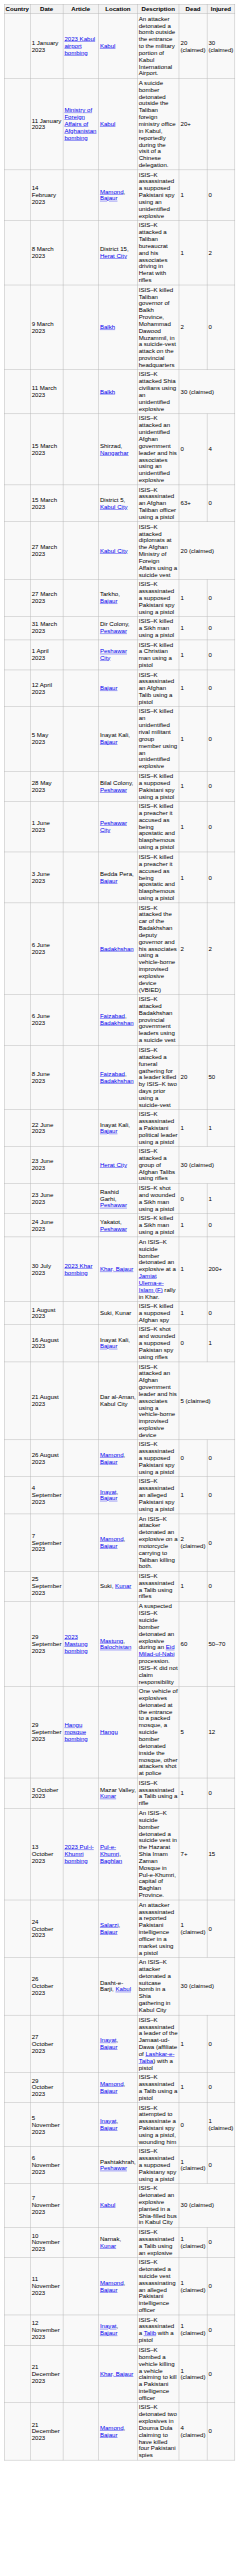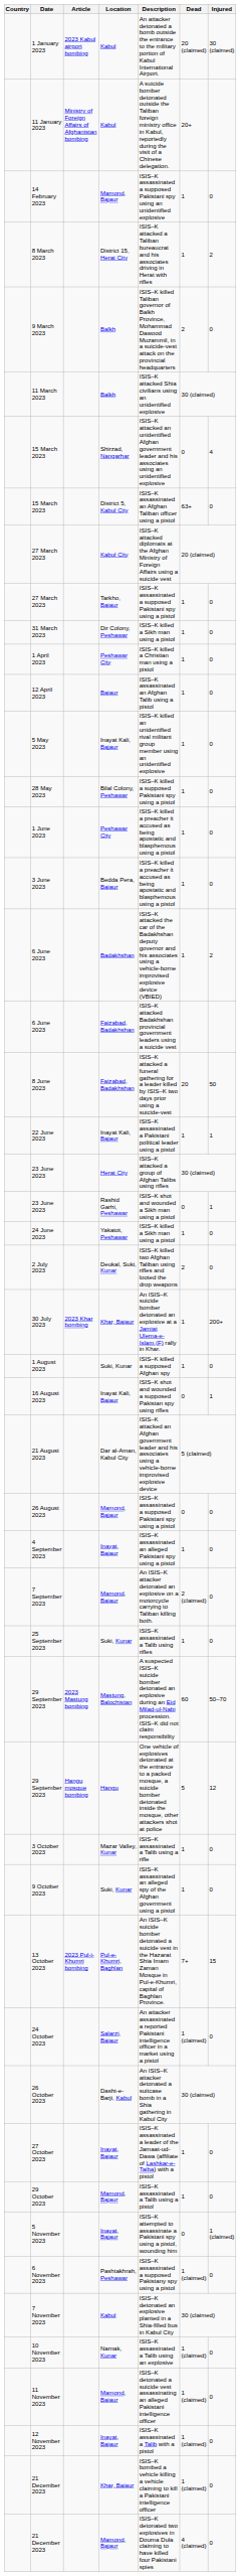 <table class="wikitable sortable mw-collapsible">
 <tr>
 <th>Country</th>
 <th>Date</th>
 <th>Article</th>
 <th>Location</th>
 <th class="unsortable">Description</th>
 <th data-sort-type="number">Dead</th>
 <th data-sort-type="number">Injured</th>
 </tr>
 <tr>
 <td></td>
 <td>1 January 2023</td>
 <td><a href='#'>2023 Kabul airport bombing</a></td>
 <td><a href='#'>Kabul</a></td>
 <td>An attacker detonated a bomb outside the entrance to the military portion of Kabul International Airport.</td>
 <td>20 (claimed)</td>
 <td>30 (claimed)</td>
 </tr>
 <tr>
 <td></td>
 <td>11 January 2023</td>
 <td><a href='#'>Ministry of Foreign Affairs of Afghanistan bombing</a></td>
 <td><a href='#'>Kabul</a></td>
 <td>A suicide bomber detonated outside the Taliban foreign ministry office in Kabul, reportedly during the visit of a Chinese delegation.</td>
 <td>20+</td>
 <td></td>
 </tr>
 <tr>
 <td></td>
 <td>14 February 2023</td>
 <td></td>
 <td><a href='#'>Mamond</a>, <a href='#'>Bajaur</a></td>
 <td>ISIS–K assassinated a supposed Pakistani spy using an unidentified explosive</td>
 <td>1</td>
 <td>0</td>
 </tr>
 <tr>
 <td></td>
 <td>8 March 2023</td>
 <td></td>
 <td>District 15, <a href='#'>Herat City</a></td>
 <td>ISIS–K attacked a Taliban bureaucrat and his associates driving in Herat with rifles</td>
 <td>1</td>
 <td>2</td>
 </tr>
 <tr>
 <td></td>
 <td>9 March 2023</td>
 <td></td>
 <td><a href='#'>Balkh</a></td>
 <td>ISIS–K killed Taliban governor of Balkh Province, Mohammad Dawood Muzammil, in a suicide-vest attack on the provincial headquarters</td>
 <td>2</td>
 <td>0</td>
 </tr>
 <tr>
 <td></td>
 <td>11 March 2023</td>
 <td></td>
 <td><a href='#'>Balkh</a></td>
 <td>ISIS–K attacked Shia civilians using an unidentified explosive</td>
 <td colspan="2">30 (claimed)</td>
 </tr>
 <tr>
 <td></td>
 <td>15 March 2023</td>
 <td></td>
 <td>Shirzad, <a href='#'>Nangarhar</a></td>
 <td>ISIS–K attacked an unidentified Afghan government leader and his associates using an unidentified explosive</td>
 <td>0</td>
 <td>4</td>
 </tr>
 <tr>
 <td></td>
 <td>15 March 2023</td>
 <td></td>
 <td>District 5, <a href='#'>Kabul City</a></td>
 <td>ISIS–K assassinated an Afghan Taliban officer using a pistol</td>
 <td>63+</td>
 <td>0</td>
 </tr>
 <tr>
 <td></td>
 <td>27 March 2023</td>
 <td></td>
 <td><a href='#'>Kabul City</a></td>
 <td>ISIS–K attacked diplomats at the Afghan Ministry of Foreign Affairs using a suicide vest</td>
 <td colspan="2">20 (claimed)</td>
 </tr>
 <tr>
 <td></td>
 <td>27 March 2023</td>
 <td></td>
 <td>Tarkho, <a href='#'>Bajaur</a></td>
 <td>ISIS–K assassinated a supposed Pakistani spy using a pistol</td>
 <td>1</td>
 <td>0</td>
 </tr>
 <tr>
 <td></td>
 <td>31 March 2023</td>
 <td></td>
 <td>Dir Colony, <a href='#'>Peshawar</a></td>
 <td>ISIS–K killed a Sikh man using a pistol</td>
 <td>1</td>
 <td>0</td>
 </tr>
 <tr>
 <td></td>
 <td>1 April 2023</td>
 <td></td>
 <td><a href='#'>Peshawar City</a></td>
 <td>ISIS–K killed a Christian man using a pistol</td>
 <td>1</td>
 <td>0</td>
 </tr>
 <tr>
 <td></td>
 <td>12 April 2023</td>
 <td></td>
 <td><a href='#'>Bajaur</a></td>
 <td>ISIS–K assassinated an Afghan Talib using a pistol</td>
 <td>1</td>
 <td>0</td>
 </tr>
 <tr>
 <td></td>
 <td>5 May 2023</td>
 <td></td>
 <td>Inayat Kali, <a href='#'>Bajaur</a></td>
 <td>ISIS–K killed an unidentified rival militant group member using an unidentified explosive</td>
 <td>1</td>
 <td>0</td>
 </tr>
 <tr>
 <td></td>
 <td>28 May 2023</td>
 <td></td>
 <td>Bilal Colony, <a href='#'>Peshawar</a></td>
 <td>ISIS–K killed a supposed Pakistani spy using a pistol</td>
 <td>1</td>
 <td>0</td>
 </tr>
 <tr>
 <td></td>
 <td>1 June 2023</td>
 <td></td>
 <td><a href='#'>Peshawar City</a></td>
 <td>ISIS–K killed a preacher it accused as being apostatic and blasphemous using a pistol</td>
 <td>1</td>
 <td>0</td>
 </tr>
 <tr>
 <td></td>
 <td>3 June 2023</td>
 <td></td>
 <td>Bedda Pera, <a href='#'>Bajaur</a></td>
 <td>ISIS–K killed a preacher it accused as being apostatic and blasphemous using a pistol</td>
 <td>1</td>
 <td>0</td>
 </tr>
 <tr>
 <td></td>
 <td>6 June 2023</td>
 <td></td>
 <td><a href='#'>Badakhshan</a></td>
 <td>ISIS–K attacked the car of the Badakhshan deputy governor and his associates using a vehicle-borne improvised explosive device (VBIED)</td>
-<td>2</td>
+<td>1</td>
 <td>2</td>
 </tr>
 <tr>
 <td></td>
 <td>6 June 2023</td>
 <td></td>
 <td><a href='#'>Faizabad</a>, <a href='#'>Badakhshan</a></td>
 <td>ISIS–K attacked Badakhshan provincial government leaders using a suicide vest</td>
 <td></td>
 <td></td>
 </tr>
 <tr>
 <td></td>
 <td>8 June 2023</td>
 <td></td>
 <td><a href='#'>Faizabad</a>, <a href='#'>Badakhshan</a></td>
 <td>ISIS–K attacked a funeral gathering for a leader killed by ISIS–K two days prior using a suicide-vest</td>
 <td>20</td>
 <td>50</td>
 </tr>
 <tr>
 <td></td>
 <td>22 June 2023</td>
 <td></td>
 <td>Inayat Kali, <a href='#'>Bajaur</a></td>
 <td>ISIS–K assassinated a Pakistani political leader using a pistol</td>
 <td>1</td>
 <td>1</td>
 </tr>
 <tr>
 <td></td>
 <td>23 June 2023</td>
 <td></td>
 <td><a href='#'>Herat City</a></td>
 <td>ISIS–K attacked a group of Afghan Talibs using rifles</td>
 <td colspan="2">30 (claimed)</td>
 </tr>
 <tr>
 <td></td>
 <td>23 June 2023</td>
 <td></td>
 <td>Rashid Garhi, <a href='#'>Peshawar</a></td>
 <td>ISIS–K shot and wounded a Sikh man using a pistol</td>
 <td>0</td>
 <td>1</td>
 </tr>
 <tr>
 <td></td>
 <td>24 June 2023</td>
 <td></td>
 <td>Yakatot, <a href='#'>Peshawar</a></td>
 <td>ISIS–K killed a Sikh man using a pistol</td>
 <td>1</td>
+<td>0</td>
+</tr>
+<tr>
+<td></td>
+<td>2 July 2023</td>
+<td></td>
+<td>Deukal, Suki, <a href='#'>Kunar</a></td>
+<td>ISIS–K killed two Afghan Taliban using rifles and looted the drop weapons</td>
+<td>2</td>
 <td>0</td>
 </tr>
 <tr>
 <td></td>
 <td>30 July 2023</td>
 <td><a href='#'>2023 Khar bombing</a></td>
 <td><a href='#'>Khar, Bajaur</a></td>
 <td>An ISIS–K suicide bomber detonated an explosive at a <a href='#'>Jamiat Ulema-e-Islam (F)</a> rally in Khar.</td>
 <td>1</td>
 <td>200+</td>
 </tr>
 <tr>
 <td></td>
 <td>1 August 2023</td>
 <td></td>
 <td>Suki, Kunar</td>
 <td>ISIS–K killed a supposed Afghan spy</td>
 <td>1</td>
 <td>0</td>
 </tr>
 <tr>
 <td></td>
 <td>16 August 2023</td>
 <td></td>
 <td>Inayat Kali, <a href='#'>Bajaur</a></td>
 <td>ISIS–K shot and wounded a supposed Pakistan spy using rifles</td>
 <td>0</td>
 <td>1</td>
 </tr>
 <tr>
 <td></td>
 <td>21 August 2023</td>
 <td></td>
 <td>Dar al-Aman, Kabul City</td>
 <td>ISIS–K attacked an Afghan government leader and his associates using a vehicle-borne improvised explosive device</td>
 <td colspan="2">5 (claimed)</td>
 </tr>
 <tr>
 <td></td>
 <td>26 August 2023</td>
 <td></td>
 <td><a href='#'>Mamond</a>, <a href='#'>Bajaur</a></td>
 <td>ISIS–K assassinated a supposed Pakistani spy using a pistol</td>
 <td>0</td>
 <td>0</td>
 </tr>
 <tr>
 <td></td>
 <td>4 September 2023</td>
 <td></td>
 <td><a href='#'>Inayat</a>, <a href='#'>Bajaur</a></td>
 <td>ISIS–K assassinated an alleged Pakistani spy using a pistol</td>
 <td>1</td>
 <td>0</td>
 </tr>
 <tr>
 <td></td>
 <td>7 September 2023</td>
 <td></td>
 <td><a href='#'>Mamond</a>, <a href='#'>Bajaur</a></td>
 <td>An ISIS–K attacker detonated an explosive on a motorcycle carrying to Taliban killing both.</td>
 <td>2 (claimed)</td>
 <td>0</td>
 </tr>
 <tr>
 <td></td>
 <td>25 September 2023</td>
 <td></td>
 <td>Suki, <a href='#'>Kunar</a></td>
 <td>ISIS–K assassinated a Talib using rifles</td>
 <td>1</td>
 <td>0</td>
 </tr>
 <tr>
 <td></td>
 <td>29 September 2023</td>
 <td><a href='#'>2023 Mastung bombing</a></td>
 <td><a href='#'>Mastung</a>, <a href='#'>Balochistan</a></td>
 <td>A suspected ISIS–K suicide bomber detonated an explosive during an <a href='#'>Eid Milad-ul-Nabi</a> procession. ISIS–K did not claim responsibility</td>
 <td>60</td>
 <td>50–70</td>
 </tr>
 <tr>
 <td></td>
 <td>29 September 2023</td>
 <td><a href='#'>Hangu mosque bombing</a></td>
 <td><a href='#'>Hangu</a></td>
 <td>One vehicle of explosives detonated at the entrance to a packed mosque, a suicide bomber detonated inside the mosque, other attackers shot at police</td>
 <td>5</td>
 <td>12</td>
 </tr>
 <tr>
 <td></td>
 <td>3 October 2023</td>
 <td></td>
 <td>Mazar Valley, <a href='#'>Kunar</a></td>
 <td>ISIS–K assassinated a Talib using a rifle</td>
+<td>1</td>
+<td>0</td>
+</tr>
+<tr>
+<td></td>
+<td>9 October 2023</td>
+<td></td>
+<td>Suki, <a href='#'>Kunar</a></td>
+<td>ISIS–K assassinated an alleged spy of the Afghan government using a pistol</td>
 <td>1</td>
 <td>0</td>
 </tr>
 <tr>
 <td></td>
 <td>13 October 2023</td>
 <td><a href='#'>2023 Pul-i-Khumri bombing</a></td>
 <td><a href='#'>Pul-e-Khumri</a>, <a href='#'>Baghlan</a></td>
 <td>An ISIS–K suicide bomber detonated a suicide vest in the Hazarat Shia Imam Zaman Mosque in Pul-e-Khumri, capital of Baghlan Province.</td>
 <td>7+</td>
 <td>15</td>
 </tr>
 <tr>
 <td></td>
 <td>24 October 2023</td>
 <td></td>
 <td><a href='#'>Salarzi</a>, <a href='#'>Bajaur</a></td>
 <td>An attacker assassinated a reported Pakistani intelligence officer in a market using a pistol</td>
 <td>1 (claimed)</td>
 <td>0</td>
 </tr>
 <tr>
 <td></td>
 <td>26 October 2023</td>
 <td></td>
 <td>Dasht-e-Barji, <a href='#'>Kabul</a></td>
 <td>An ISIS–K attacker detonated a suitcase bomb in a Shia gathering in Kabul City</td>
 <td colspan="2">30 (claimed)</td>
 </tr>
 <tr>
 <td></td>
 <td>27 October 2023</td>
 <td></td>
 <td><a href='#'>Inayat</a>, <a href='#'>Bajaur</a></td>
 <td>ISIS–K assassinated a leader of the Jamaat-ud-Dawa (affiliate of <a href='#'>Lashkar-e-Taiba</a>) with a pistol</td>
 <td>1</td>
 <td>0</td>
 </tr>
 <tr>
 <td></td>
 <td>29 October 2023</td>
 <td></td>
 <td><a href='#'>Mamond</a>, <a href='#'>Bajaur</a></td>
 <td>ISIS–K assassinated a Talib using a pistol</td>
 <td>1</td>
 <td>0</td>
 </tr>
 <tr>
 <td></td>
 <td>5 November 2023</td>
 <td></td>
 <td><a href='#'>Inayat</a>, <a href='#'>Bajaur</a></td>
 <td>ISIS–K attempted to assassinate a Pakistani spy using a pistol, wounding him</td>
 <td>0</td>
 <td>1 (claimed)</td>
 </tr>
 <tr>
 <td></td>
 <td>6 November 2023</td>
 <td></td>
 <td>Pashtakhrah, <a href='#'>Peshawar</a></td>
 <td>ISIS–K assassinated a supposed Pakistany spy using a pistol</td>
 <td>1 (claimed)</td>
 <td>0</td>
 </tr>
 <tr>
 <td></td>
 <td>7 November 2023</td>
 <td></td>
 <td><a href='#'>Kabul</a></td>
 <td>ISIS–K detonated an explosive planted in a Shia-filled bus in Kabul City</td>
 <td colspan="2">30 (claimed)</td>
 </tr>
 <tr>
 <td></td>
 <td>10 November 2023</td>
 <td></td>
 <td>Narnak, <a href='#'>Kunar</a></td>
 <td>ISIS–K assassinated a Talib using an explosive</td>
 <td>1 (claimed)</td>
 <td>0</td>
 </tr>
 <tr>
 <td></td>
 <td>11 November 2023</td>
 <td></td>
 <td><a href='#'>Mamond</a>, <a href='#'>Bajaur</a></td>
 <td>ISIS–K detonated a suicide vest assassinating an alleged Pakistani intelligence officer</td>
 <td>1 (claimed)</td>
 <td>0</td>
 </tr>
 <tr>
 <td></td>
 <td>12 November 2023</td>
 <td></td>
 <td><a href='#'>Inayat</a>, <a href='#'>Bajaur</a></td>
 <td>ISIS–K assassinated a <a href='#'>Talib</a> with a pistol</td>
 <td>1 (claimed)</td>
 <td>0</td>
 </tr>
 <tr>
 <td></td>
 <td>21 December 2023</td>
 <td></td>
 <td><a href='#'>Khar, Bajaur</a></td>
 <td>ISIS–K bombed a vehicle killing a vehicle claiming to kill a Pakistani intelligence officer</td>
 <td>1 (claimed)</td>
 <td>0</td>
 </tr>
 <tr>
 <td></td>
 <td>21 December 2023</td>
 <td></td>
 <td><a href='#'>Mamond</a>, <a href='#'>Bajaur</a></td>
 <td>ISIS–K detonated two explosives in Douma Dula claiming to have killed four Pakistani spies</td>
 <td>4 (claimed)</td>
 <td>0</td>
 </tr>
 </table>
